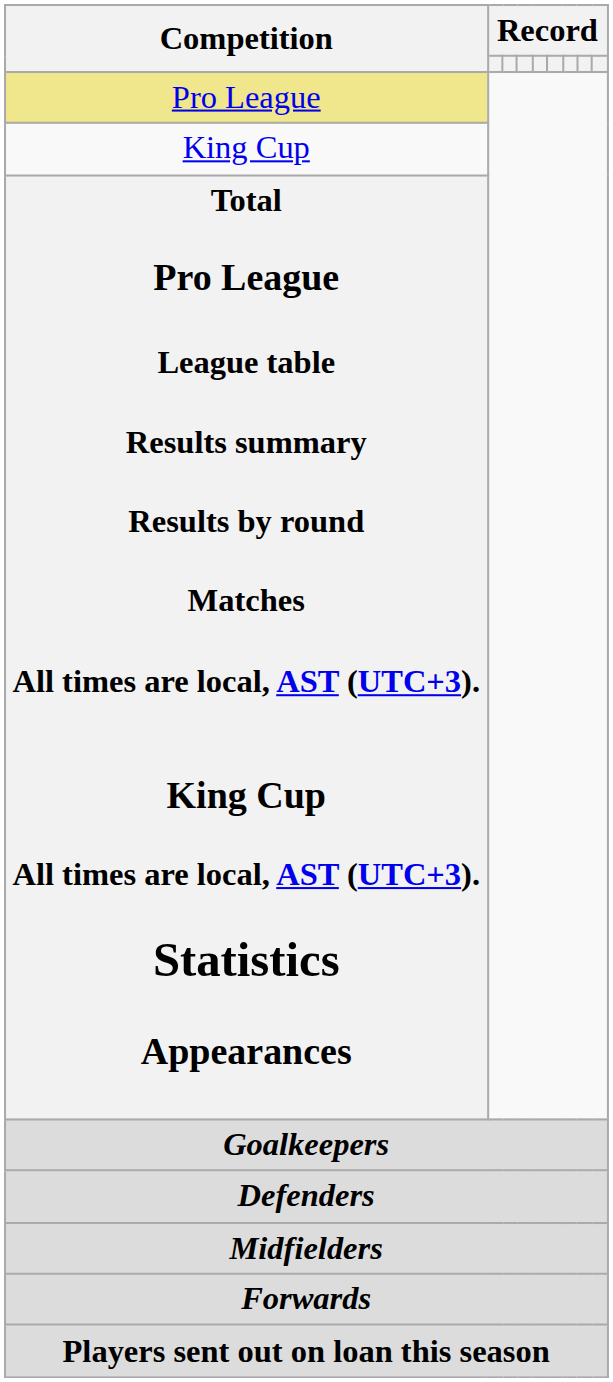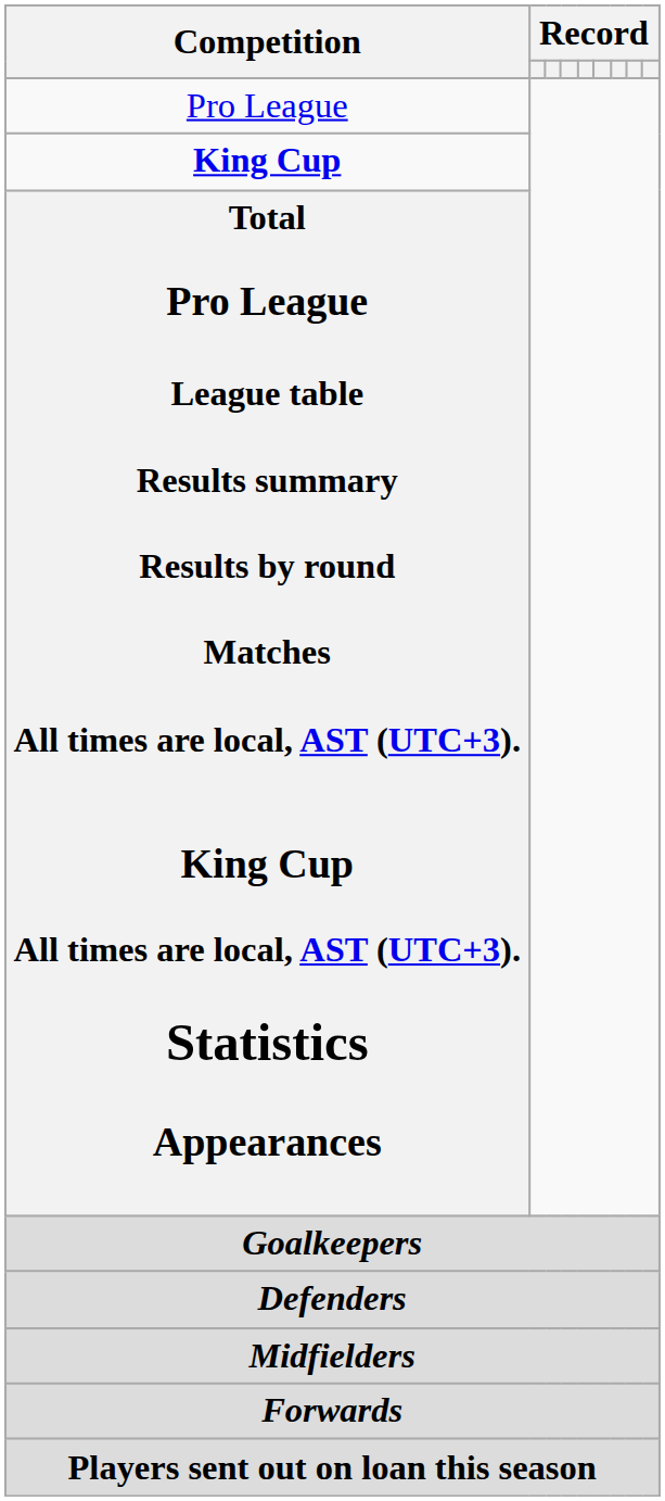 <table class="wikitable" style="text-align: center">
 <tr>
 <th rowspan=2>Competition</th>
 <th colspan=8>Record</th>
 </tr>
 <tr>
 <th></th>
 <th></th>
 <th></th>
 <th></th>
 <th></th>
 <th></th>
 <th></th>
 <th></th>
 </tr>
 <tr>
-<td style="background: khaki;"><a href='#'>Pro League</a><br></td>
+<td><a href='#'>Pro League</a><br></td>
 </tr>
 <tr>
-<td><a href='#'>King Cup</a><br></td>
+<td><strong><a href='#'>King Cup</a><br></strong></td>
 </tr>
 <tr>
 <th>Total<br> <h3>Pro League</h3><h4>League table</h4><h4>Results summary</h4> <h4>Results by round</h4><h4>Matches</h4>All times are local, <a href='#'>AST</a> (<a href='#'>UTC+3</a>).<br>   <br>                             <h3>King Cup</h3> All times are local, <a href='#'>AST</a> (<a href='#'>UTC+3</a>).<br>   <h2>Statistics</h2><h3>Appearances</h3></th>
 </tr>
 <tr>
 <th colspan=10 style=background:#dcdcdc; text-align:center><em>Goalkeepers</em><br>  </th>
 </tr>
 <tr>
 <th colspan=10 style=background:#dcdcdc; text-align:center><em>Defenders</em><br>         </th>
 </tr>
 <tr>
 <th colspan=10 style=background:#dcdcdc; text-align:center><em>Midfielders</em><br>            </th>
 </tr>
 <tr>
 <th colspan=10 style=background:#dcdcdc; text-align:center><em>Forwards</em><br> </th>
 </tr>
 <tr>
 <th colspan=10 style=background:#dcdcdc; text-align:center>Players sent out on loan this season<br>  </th>
 </tr>
 </table>
